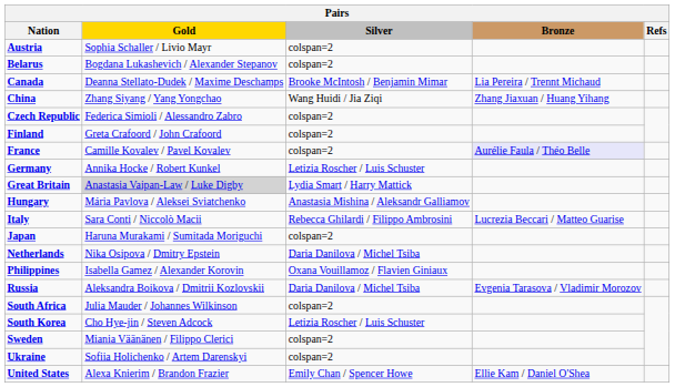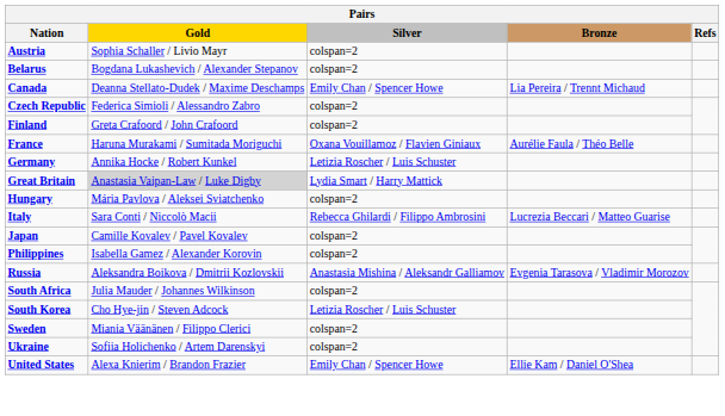 <table class="wikitable">
 <tr>
 <th colspan=5>Pairs</th>
 </tr>
 <tr>
 <th>Nation</th>
 <td style="text-align:center; background:gold;"><strong>Gold</strong></td>
 <td style="text-align:center; background:silver;"><strong>Silver</strong></td>
 <td style="text-align:center; background:#c96;"><strong>Bronze</strong></td>
 <th>Refs</th>
 </tr>
 <tr>
 <td><strong> <a href='#'>Austria</a></strong></td>
 <td><a href='#'>Sophia Schaller</a> / Livio Mayr</td>
 <td>colspan=2 </td>
 <td></td>
 </tr>
 <tr>
 <td><strong> <a href='#'>Belarus</a></strong></td>
 <td><a href='#'>Bogdana Lukashevich</a> / <a href='#'>Alexander Stepanov</a></td>
 <td>colspan=2 </td>
 <td></td>
 <td></td>
 </tr>
 <tr>
 <td><strong> <a href='#'>Canada</a></strong></td>
 <td><a href='#'>Deanna Stellato-Dudek</a> / <a href='#'>Maxime Deschamps</a></td>
-<td><a href='#'>Brooke McIntosh</a> / <a href='#'>Benjamin Mimar</a></td>
+<td><a href='#'>Emily Chan</a> / <a href='#'>Spencer Howe</a></td>
 <td><a href='#'>Lia Pereira</a> / <a href='#'>Trennt Michaud</a></td>
-<td></td>
-</tr>
-<tr>
-<td><strong> <a href='#'>China</a></strong></td>
-<td><a href='#'>Zhang Siyang</a> / <a href='#'>Yang Yongchao</a></td>
-<td>Wang Huidi / Jia Ziqi</td>
-<td><a href='#'>Zhang Jiaxuan</a> / <a href='#'>Huang Yihang</a></td>
 <td></td>
 </tr>
 <tr>
 <td><strong> <a href='#'>Czech Republic</a></strong></td>
 <td><a href='#'>Federica Simioli</a> / <a href='#'>Alessandro Zabro</a></td>
 <td>colspan=2 </td>
 <td></td>
 </tr>
 <tr>
 <td><strong> <a href='#'>Finland</a></strong></td>
 <td><a href='#'>Greta Crafoord</a> / <a href='#'>John Crafoord</a></td>
 <td>colspan=2 </td>
 <td></td>
 </tr>
 <tr>
 <td><strong> <a href='#'>France</a></strong></td>
-<td><a href='#'>Camille Kovalev</a> / <a href='#'>Pavel Kovalev</a></td>
-<td>colspan=2 </td>
-<td style="background: lavender;"><a href='#'>Aurélie Faula</a> / <a href='#'>Théo Belle</a></td>
+<td><a href='#'>Haruna Murakami</a> / <a href='#'>Sumitada Moriguchi</a></td>
+<td><a href='#'>Oxana Vouillamoz</a> / <a href='#'>Flavien Giniaux</a></td>
+<td><a href='#'>Aurélie Faula</a> / <a href='#'>Théo Belle</a></td>
 <td></td>
 </tr>
 <tr>
 <td><strong> <a href='#'>Germany</a></strong></td>
 <td><a href='#'>Annika Hocke</a> / <a href='#'>Robert Kunkel</a></td>
 <td><a href='#'>Letizia Roscher</a> / <a href='#'>Luis Schuster</a></td>
 <td></td>
 <td></td>
 </tr>
 <tr>
 <td><strong> <a href='#'>Great Britain</a></strong></td>
 <td style="background: lightgrey;"><a href='#'>Anastasia Vaipan-Law</a> / <a href='#'>Luke Digby</a></td>
 <td><a href='#'>Lydia Smart</a> / <a href='#'>Harry Mattick</a></td>
 <td></td>
 <td></td>
 </tr>
 <tr>
 <td><strong> <a href='#'>Hungary</a></strong></td>
 <td><a href='#'>Mária Pavlova</a> / <a href='#'>Aleksei Sviatchenko</a></td>
-<td><a href='#'>Anastasia Mishina</a> / <a href='#'>Aleksandr Galliamov</a></td>
+<td>colspan=2 </td>
 <td></td>
 </tr>
 <tr>
 <td><strong> <a href='#'>Italy</a></strong></td>
 <td><a href='#'>Sara Conti</a> / <a href='#'>Niccolò Macii</a></td>
 <td><a href='#'>Rebecca Ghilardi</a> / <a href='#'>Filippo Ambrosini</a></td>
 <td><a href='#'>Lucrezia Beccari</a> / <a href='#'>Matteo Guarise</a></td>
 <td></td>
 </tr>
 <tr>
 <td><strong> <a href='#'>Japan</a></strong></td>
-<td><a href='#'>Haruna Murakami</a> / <a href='#'>Sumitada Moriguchi</a></td>
+<td><a href='#'>Camille Kovalev</a> / <a href='#'>Pavel Kovalev</a></td>
 <td>colspan=2 </td>
-<td></td>
-</tr>
-<tr>
-<td><strong> <a href='#'>Netherlands</a></strong></td>
-<td><a href='#'>Nika Osipova</a> / <a href='#'>Dmitry Epstein</a></td>
-<td><a href='#'>Daria Danilova</a> / <a href='#'>Michel Tsiba</a></td>
-<td></td>
 <td></td>
 </tr>
 <tr>
 <td><strong> <a href='#'>Philippines</a></strong></td>
 <td><a href='#'>Isabella Gamez</a> / <a href='#'>Alexander Korovin</a></td>
-<td><a href='#'>Oxana Vouillamoz</a> / <a href='#'>Flavien Giniaux</a></td>
+<td>colspan=2 </td>
 <td></td>
 </tr>
 <tr>
 <td><strong> <a href='#'>Russia</a></strong></td>
 <td><a href='#'>Aleksandra Boikova</a> / <a href='#'>Dmitrii Kozlovskii</a></td>
-<td><a href='#'>Daria Danilova</a> / <a href='#'>Michel Tsiba</a></td>
+<td><a href='#'>Anastasia Mishina</a> / <a href='#'>Aleksandr Galliamov</a></td>
 <td><a href='#'>Evgenia Tarasova</a> / <a href='#'>Vladimir Morozov</a></td>
 <td></td>
 </tr>
 <tr>
 <td><strong> <a href='#'>South Africa</a></strong></td>
 <td><a href='#'>Julia Mauder</a> / <a href='#'>Johannes Wilkinson</a></td>
 <td>colspan=2 </td>
 <td></td>
 </tr>
 <tr>
 <td><strong> <a href='#'>South Korea</a></strong></td>
 <td><a href='#'>Cho Hye-jin</a> / <a href='#'>Steven Adcock</a></td>
 <td><a href='#'>Letizia Roscher</a> / <a href='#'>Luis Schuster</a></td>
 <td></td>
 </tr>
 <tr>
 <td><strong> <a href='#'>Sweden</a></strong></td>
 <td><a href='#'>Miania Väänänen</a> / <a href='#'>Filippo Clerici</a></td>
 <td>colspan=2 </td>
 <td></td>
 </tr>
 <tr>
 <td><strong> <a href='#'>Ukraine</a></strong></td>
 <td><a href='#'>Sofiia Holichenko</a> / <a href='#'>Artem Darenskyi</a></td>
 <td>colspan=2 </td>
 <td></td>
 </tr>
 <tr>
 <td><strong> <a href='#'>United States</a></strong></td>
 <td><a href='#'>Alexa Knierim</a> / <a href='#'>Brandon Frazier</a></td>
 <td><a href='#'>Emily Chan</a> / <a href='#'>Spencer Howe</a></td>
 <td><a href='#'>Ellie Kam</a> / <a href='#'>Daniel O'Shea</a></td>
 <td></td>
 </tr>
 </table>
